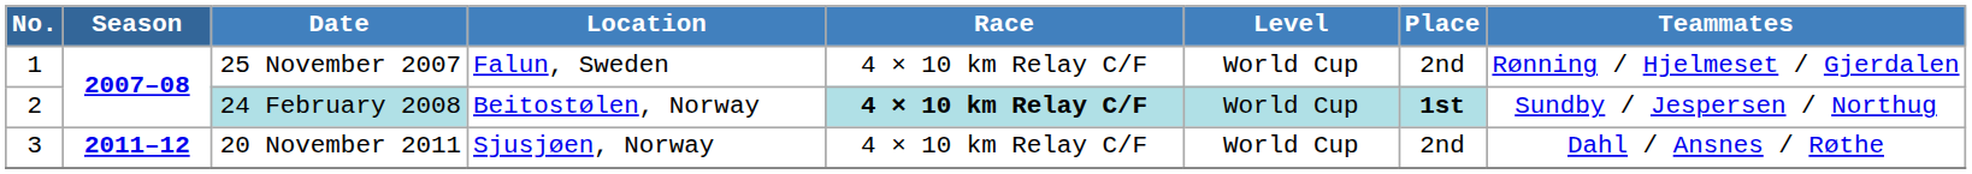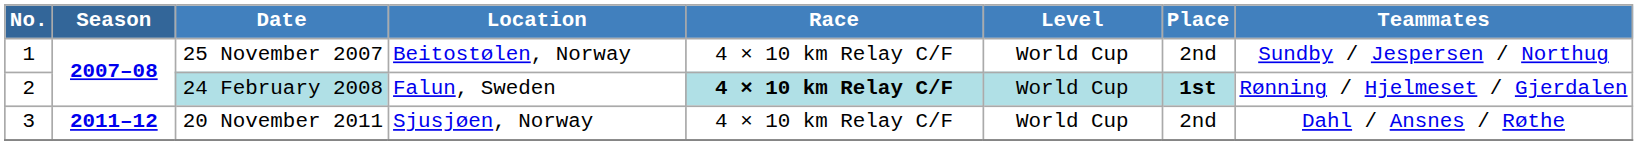 <table class="wikitable sortable" style="font-size:95%; text-align:center; border:grey solid 1px; border-collapse:collapse; background:#ffffff;">
 <tr style="background:#efefef;">
 <th style="background-color:#369; color:white;">No.</th>
 <th style="background-color:#369; color:white;">Season</th>
 <th style="background-color:#4180be; color:white; width:120px;">Date</th>
 <th style="background-color:#4180be; color:white; width:170px;">Location</th>
 <th style="background-color:#4180be; color:white; width:170px;">Race</th>
 <th style="background-color:#4180be; color:white; width:100px;">Level</th>
 <th style="background-color:#4180be; color:white;">Place</th>
 <th style="background-color:#4180be; color:white;">Teammates</th>
 </tr>
 <tr>
 <td align=center>1</td>
 <td rowspan=2 align=center><strong> <a href='#'>2007–08</a> </strong></td>
 <td align=right>25 November 2007</td>
-<td align=left> <a href='#'>Falun</a>, Sweden</td>
+<td align=left> <a href='#'>Beitostølen</a>, Norway</td>
 <td>4 × 10 km Relay C/F</td>
 <td>World Cup</td>
 <td>2nd</td>
-<td><a href='#'>Rønning</a> / <a href='#'>Hjelmeset</a> / <a href='#'>Gjerdalen</a></td>
+<td><a href='#'>Sundby</a> / <a href='#'>Jespersen</a> / <a href='#'>Northug</a></td>
 </tr>
 <tr>
 <td align=center>2</td>
 <td bgcolor="#BOEOE6" align=right>24 February 2008</td>
-<td align=left> <a href='#'>Beitostølen</a>, Norway</td>
+<td align=left> <a href='#'>Falun</a>, Sweden</td>
 <td bgcolor="#BOEOE6"><strong>4 × 10 km Relay C/F</strong></td>
 <td bgcolor="#BOEOE6">World Cup</td>
 <td bgcolor="#BOEOE6"><strong>1st</strong></td>
-<td><a href='#'>Sundby</a> / <a href='#'>Jespersen</a> / <a href='#'>Northug</a></td>
+<td><a href='#'>Rønning</a> / <a href='#'>Hjelmeset</a> / <a href='#'>Gjerdalen</a></td>
 </tr>
 <tr>
 <td align=center>3</td>
 <td rowspan=1 align=center><strong> <a href='#'>2011–12</a> </strong></td>
 <td align=right>20 November 2011</td>
 <td align=left> <a href='#'>Sjusjøen</a>, Norway</td>
 <td>4 × 10 km Relay C/F</td>
 <td>World Cup</td>
 <td>2nd</td>
 <td><a href='#'>Dahl</a> / <a href='#'>Ansnes</a> / <a href='#'>Røthe</a></td>
 </tr>
 <tr>
 </tr>
 </table>
